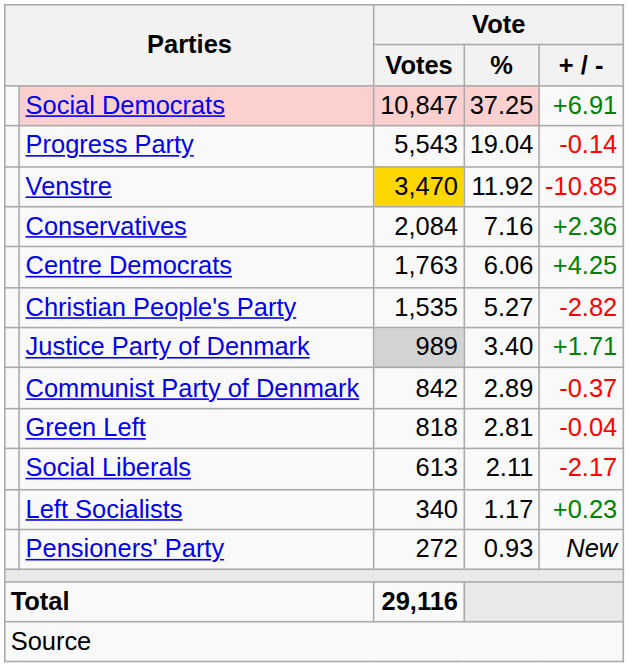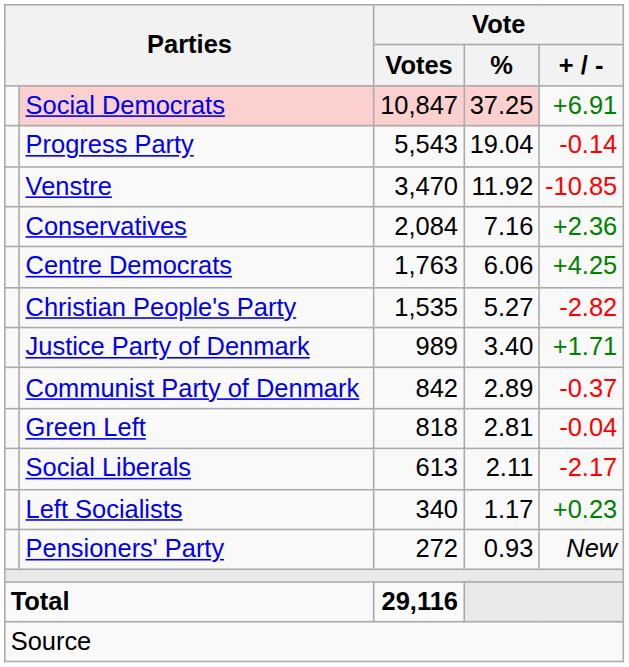 <table class="wikitable" style="text-align:right;">
 <tr>
 <th style="text-align:centre;" rowspan="2" colspan="2" width="225">Parties</th>
 <th colspan="3">Vote</th>
 </tr>
 <tr>
 <th width="15">Votes</th>
 <th width="15">%</th>
 <th width="15">+ / -</th>
 </tr>
 <tr>
 <td width="2" style="color:inherit;background:"></td>
 <td bgcolor=#fbd0ce  align="left"><a href='#'>Social Democrats</a></td>
 <td bgcolor=#fbd0ce>10,847</td>
 <td bgcolor=#fbd0ce>37.25</td>
 <td style=color:green;>+6.91</td>
 </tr>
 <tr>
 <td width="2" style="color:inherit;background:"></td>
 <td align="left"><a href='#'>Progress Party</a></td>
 <td>5,543</td>
 <td>19.04</td>
 <td style=color:red;>-0.14</td>
 </tr>
 <tr>
 <td width="2" style="color:inherit;background:"></td>
 <td align="left"><a href='#'>Venstre</a></td>
-<td style="background: gold;">3,470</td>
+<td>3,470</td>
 <td>11.92</td>
 <td style=color:red;>-10.85</td>
 </tr>
 <tr>
 <td width="2" style="color:inherit;background:"></td>
 <td align="left"><a href='#'>Conservatives</a></td>
 <td>2,084</td>
 <td>7.16</td>
 <td style=color:green;>+2.36</td>
 </tr>
 <tr>
 <td width="2" style="color:inherit;background:"></td>
 <td align="left"><a href='#'>Centre Democrats</a></td>
 <td>1,763</td>
 <td>6.06</td>
 <td style=color:green;>+4.25</td>
 </tr>
 <tr>
 <td width="2" style="color:inherit;background:"></td>
 <td align="left"><a href='#'>Christian People's Party</a></td>
 <td>1,535</td>
 <td>5.27</td>
 <td style=color:red;>-2.82</td>
 </tr>
 <tr>
 <td width="2" style="color:inherit;background:"></td>
 <td align="left"><a href='#'>Justice Party of Denmark</a></td>
-<td style="background: lightgrey;">989</td>
+<td>989</td>
 <td>3.40</td>
 <td style=color:green;>+1.71</td>
 </tr>
 <tr>
 <td width="2" style="color:inherit;background:"></td>
 <td align="left"><a href='#'>Communist Party of Denmark</a></td>
 <td>842</td>
 <td>2.89</td>
 <td style=color:red;>-0.37</td>
 </tr>
 <tr>
 <td width="2" style="color:inherit;background:"></td>
 <td align="left"><a href='#'>Green Left</a></td>
 <td>818</td>
 <td>2.81</td>
 <td style=color:red;>-0.04</td>
 </tr>
 <tr>
 <td width="2" style="color:inherit;background:"></td>
 <td align="left"><a href='#'>Social Liberals</a></td>
 <td>613</td>
 <td>2.11</td>
 <td style=color:red;>-2.17</td>
 </tr>
 <tr>
 <td width="2" style="color:inherit;background:"></td>
 <td align="left"><a href='#'>Left Socialists</a></td>
 <td>340</td>
 <td>1.17</td>
 <td style=color:green;>+0.23</td>
 </tr>
 <tr>
 <td width="2" style="color:inherit;background:"></td>
 <td align="left"><a href='#'>Pensioners' Party</a></td>
 <td>272</td>
 <td>0.93</td>
 <td><em>New</em></td>
 </tr>
 <tr>
 <td colspan="7" bgcolor="#E9E9E9"></td>
 </tr>
 <tr>
 <td align="left" colspan="2"><strong>Total</strong></td>
 <td><strong>29,116</strong></td>
 <td bgcolor="#E9E9E9" colspan="2"></td>
 </tr>
 <tr>
 <td align="left" colspan="6">Source</td>
 </tr>
 </table>
